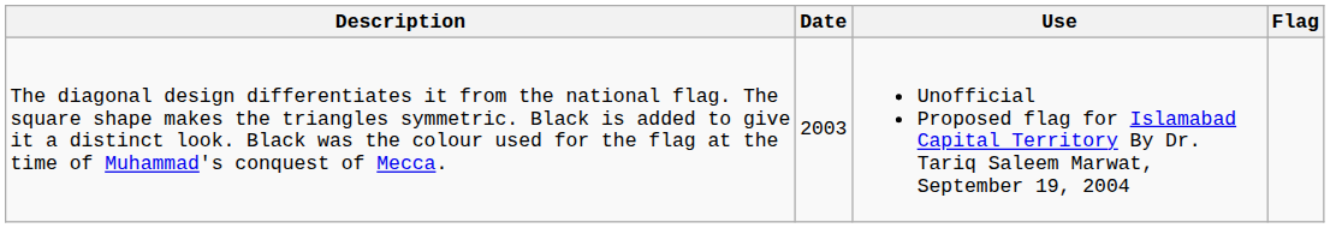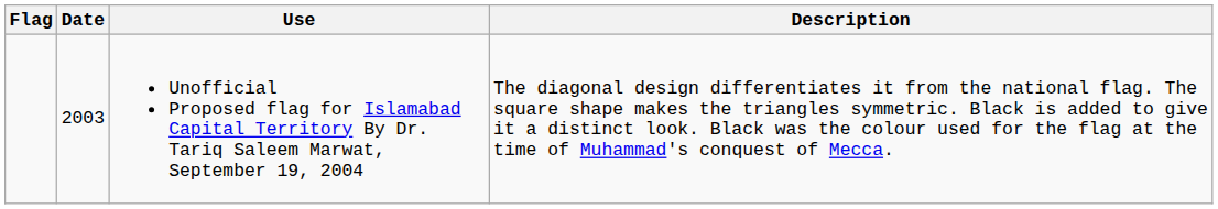 <table class="wikitable sortable">
 <tr>
-<th>Description</th>
+<th>Flag</th>
 <th>Date</th>
 <th>Use</th>
-<th>Flag</th>
+<th>Description</th>
 </tr>
 <tr>
-<td>The diagonal design differentiates it from the national flag. The square shape makes the triangles symmetric. Black is added to give it a distinct look. Black was the colour used for the flag at the time of <a href='#'>Muhammad</a>'s conquest of <a href='#'>Mecca</a>.</td>
+<td></td>
 <td>2003</td>
 <td><br><ul><li>Unofficial</li><li>Proposed flag for <a href='#'>Islamabad Capital Territory</a> By Dr. Tariq Saleem Marwat, September 19, 2004</li></ul></td>
-<td></td>
+<td>The diagonal design differentiates it from the national flag. The square shape makes the triangles symmetric. Black is added to give it a distinct look. Black was the colour used for the flag at the time of <a href='#'>Muhammad</a>'s conquest of <a href='#'>Mecca</a>.</td>
 </tr>
 </table>
